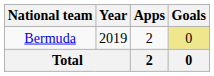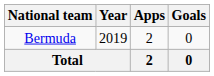 <table class="wikitable" style="text-align:center">
 <tr>
 <th>National team</th>
 <th>Year</th>
 <th>Apps</th>
 <th>Goals</th>
 </tr>
 <tr>
 <td rowspan="1"><a href='#'>Bermuda</a></td>
 <td>2019</td>
 <td>2</td>
-<td style="background: khaki;">0</td>
+<td>0</td>
 </tr>
 <tr>
 <th colspan=2>Total</th>
 <th>2</th>
 <th>0</th>
 </tr>
 </table>
